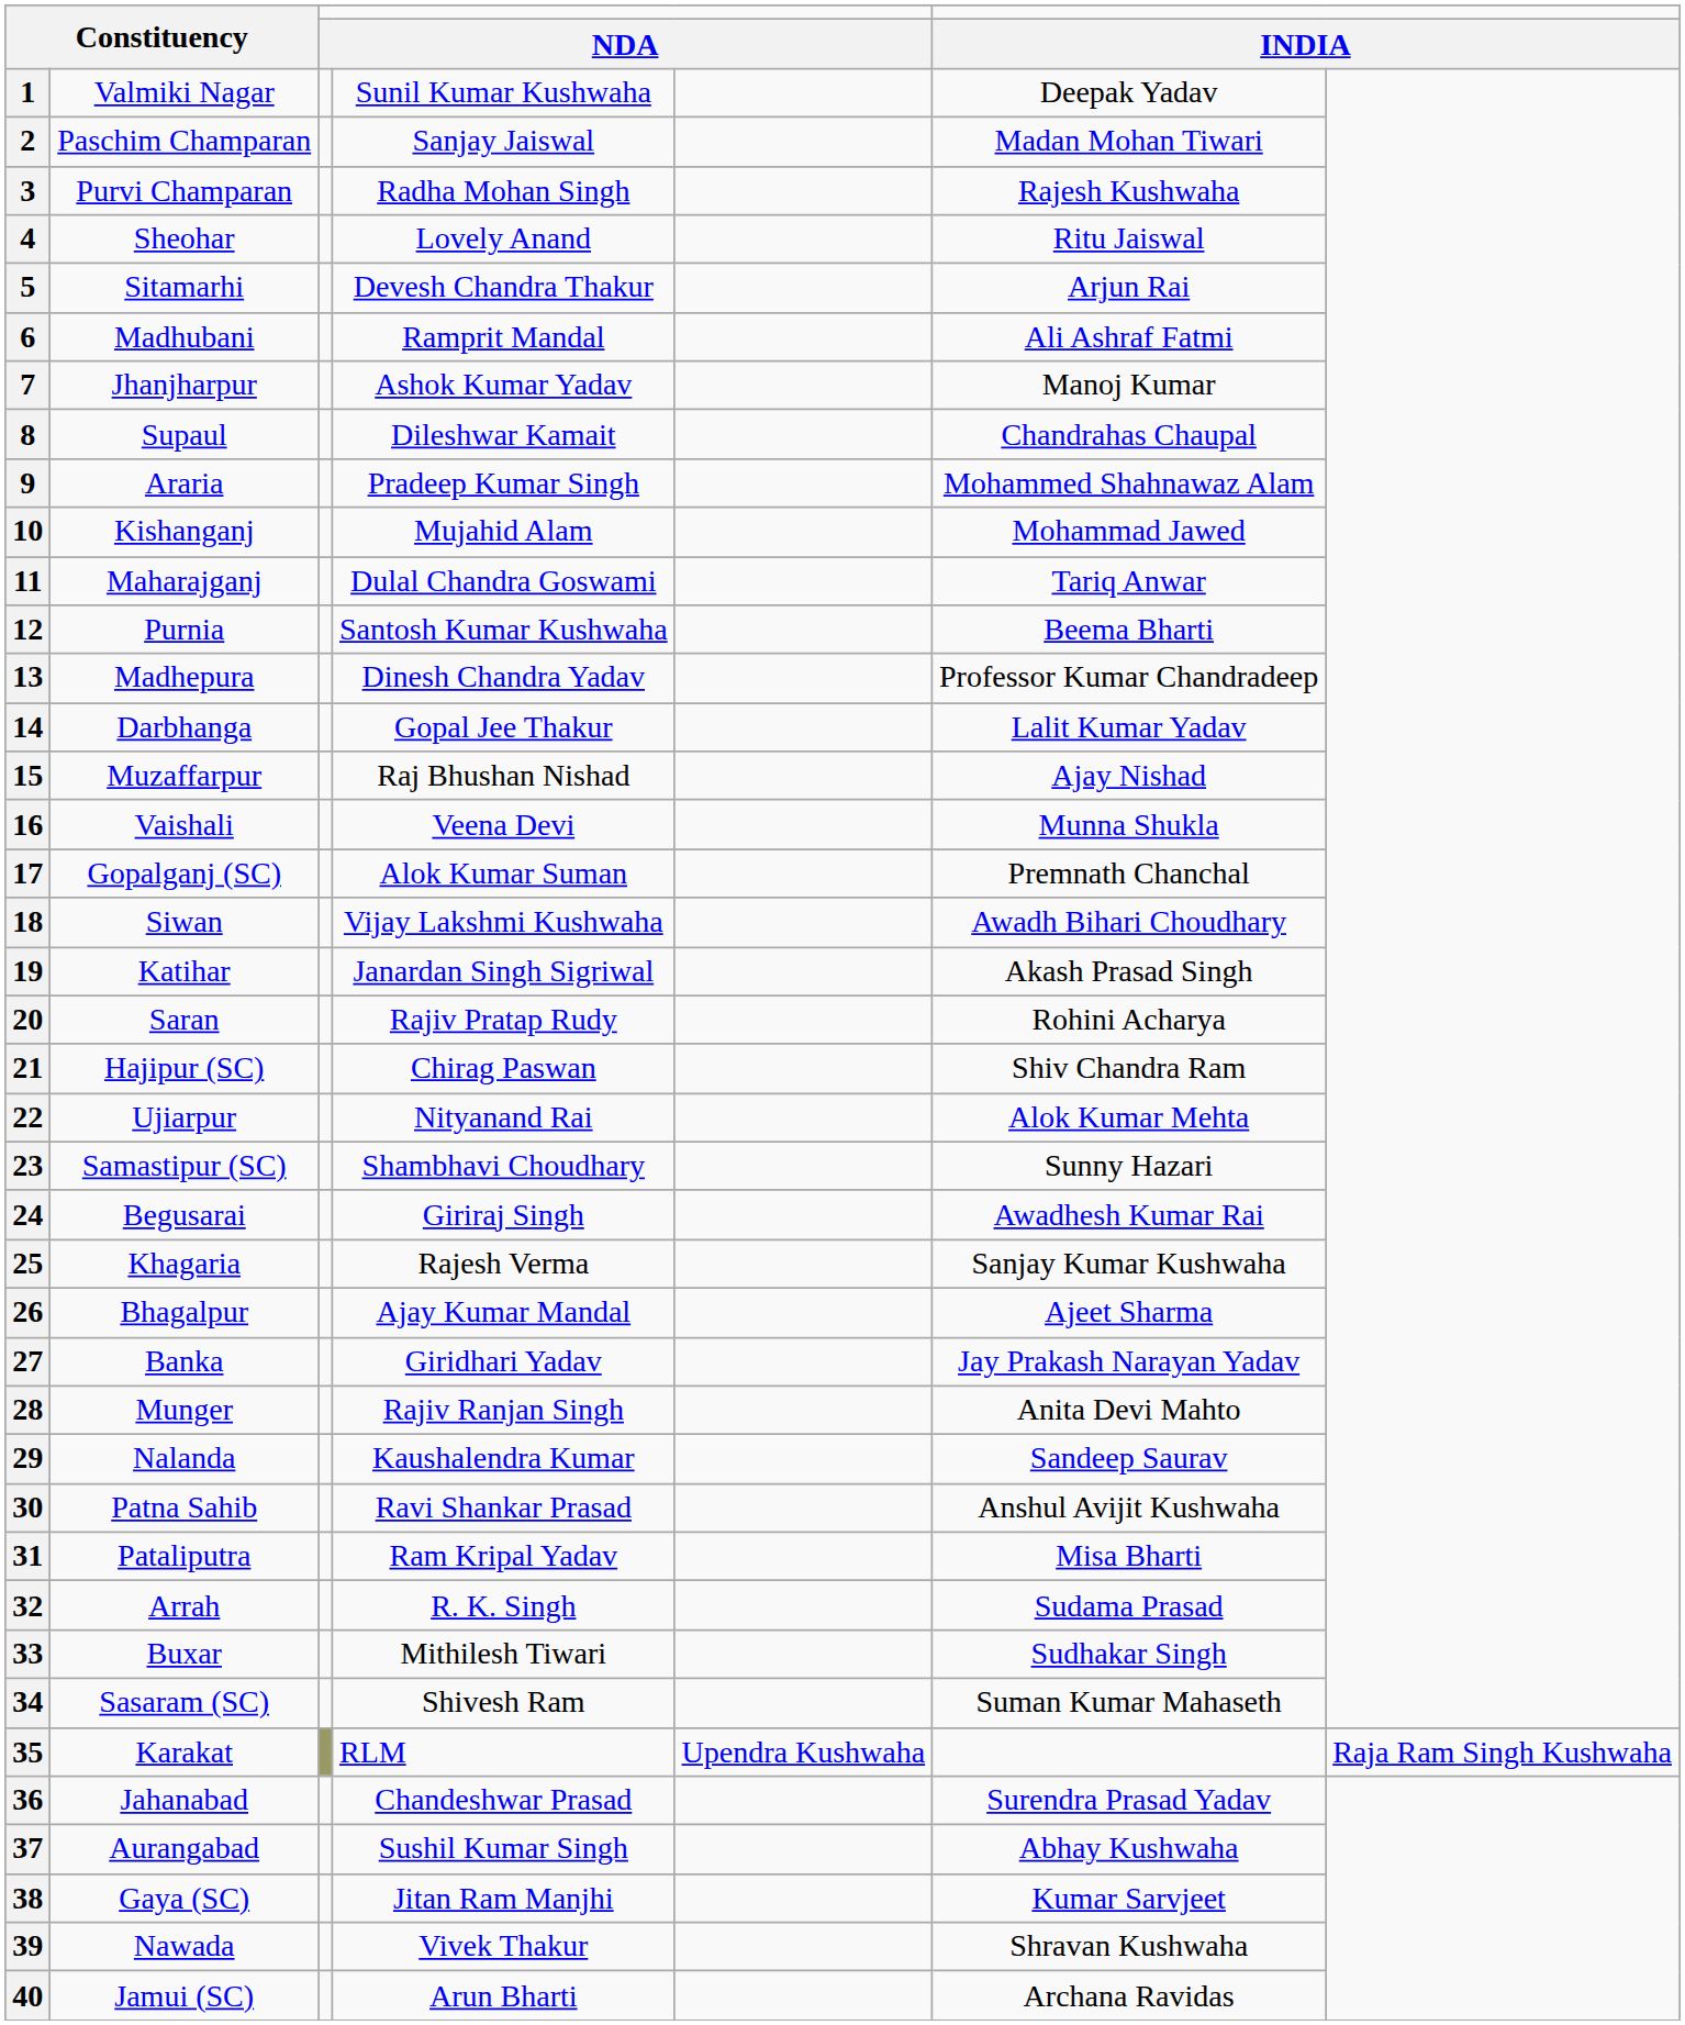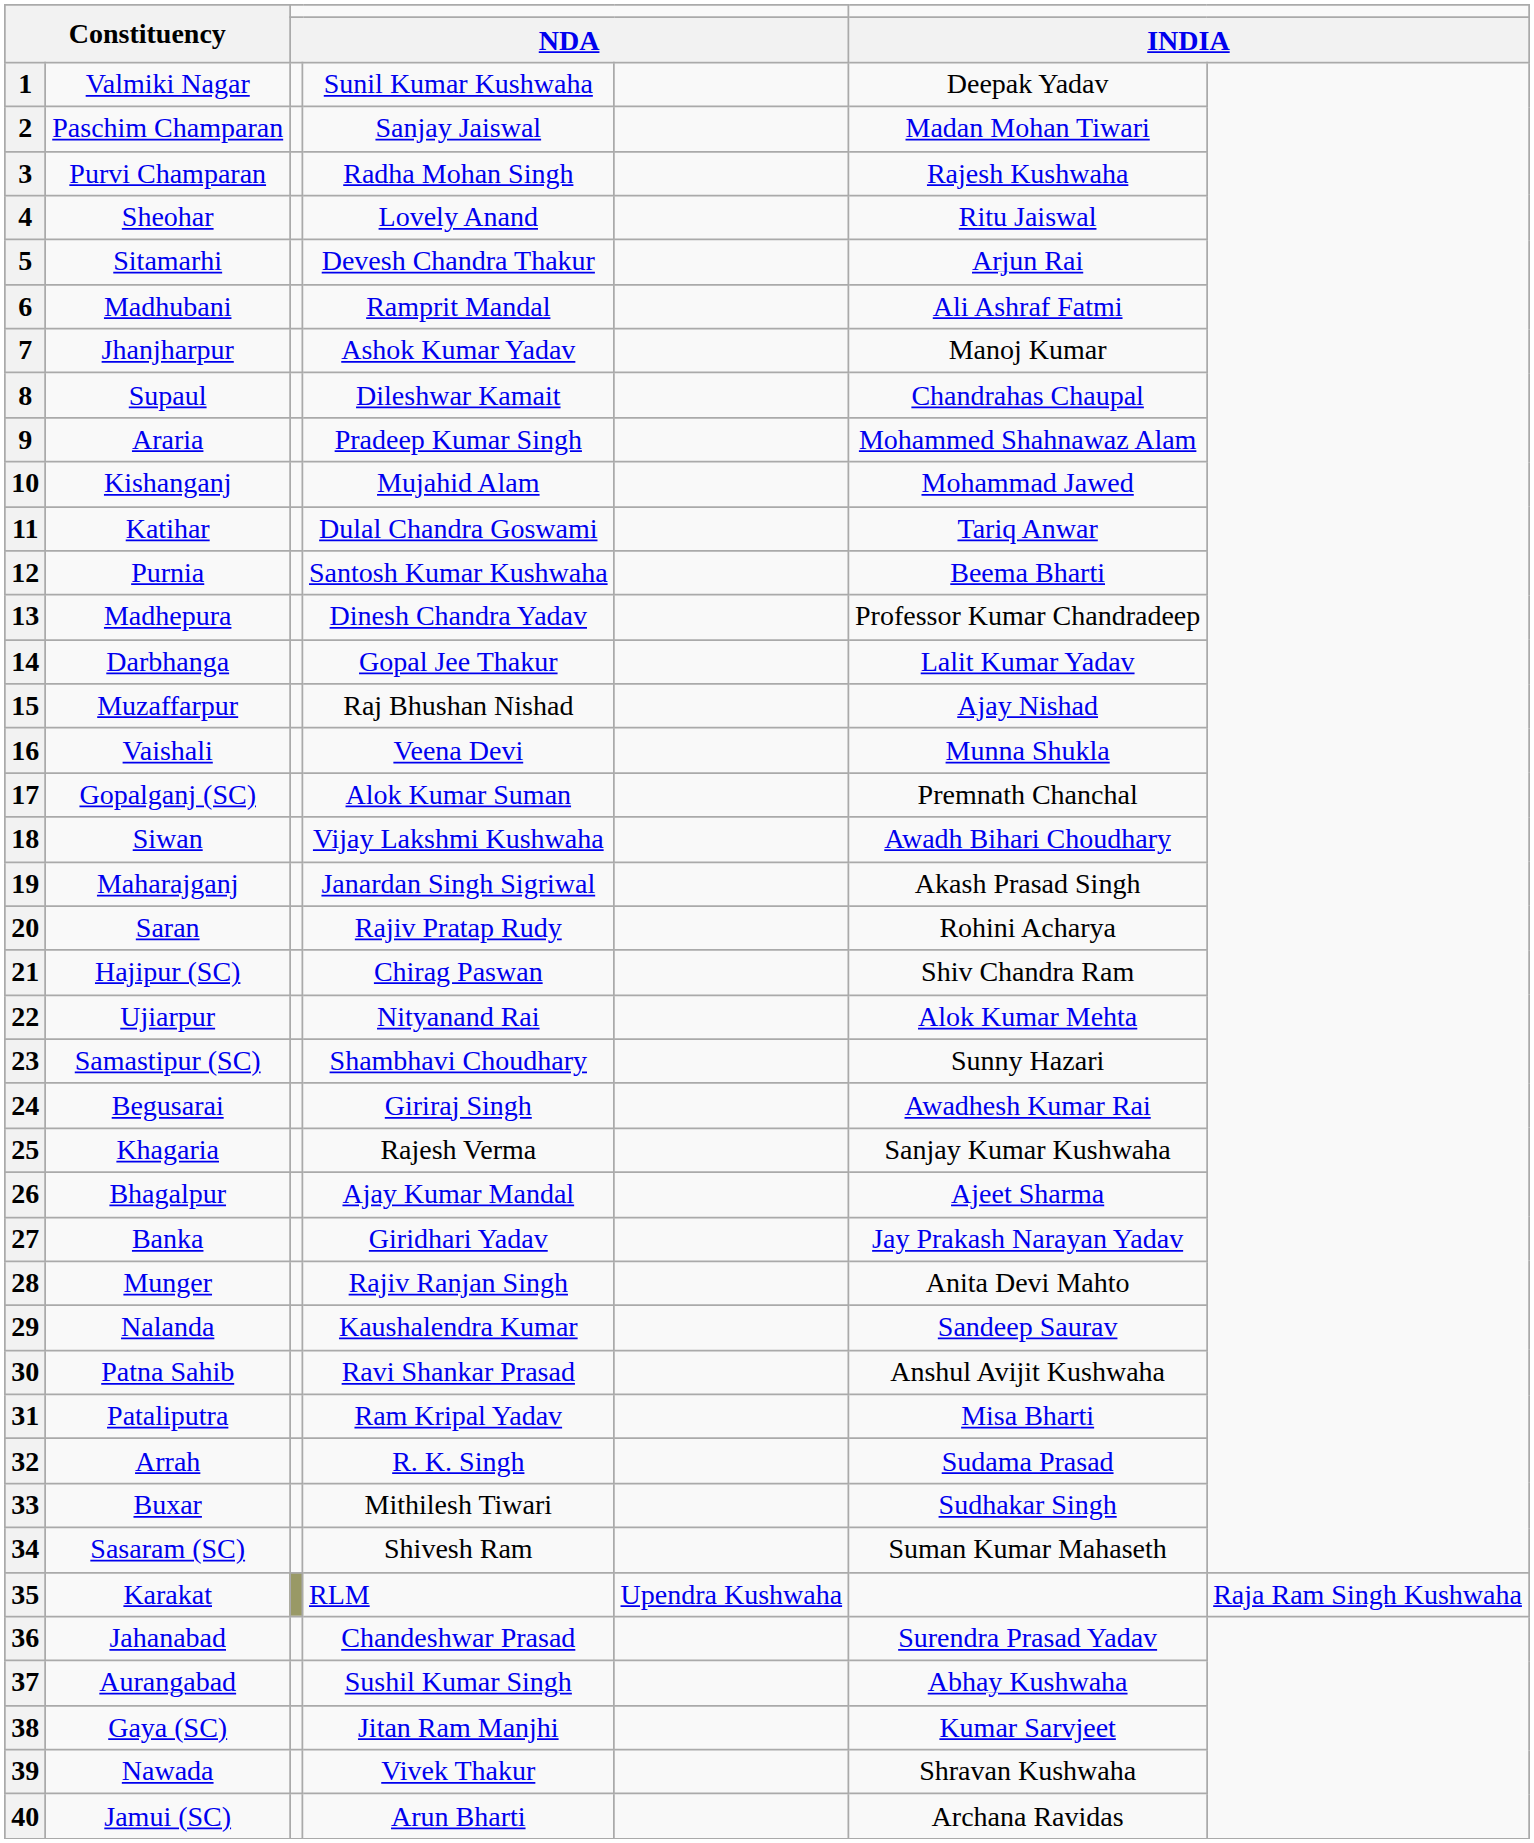 <table class="wikitable sortable" style="text-align:center;">
 <tr>
 <th colspan="2" rowspan="2">Constituency</th>
 <td colspan="3"></td>
 <td colspan="3"></td>
 </tr>
 <tr>
 <th colspan="3"><a href='#'>NDA</a></th>
 <th colspan="3"><a href='#'>INDIA</a></th>
 </tr>
 <tr>
 <th>1</th>
 <td><a href='#'>Valmiki Nagar</a></td>
 <td></td>
 <td><a href='#'>Sunil Kumar Kushwaha</a></td>
 <td></td>
 <td>Deepak Yadav</td>
 </tr>
 <tr>
 <th>2</th>
 <td><a href='#'>Paschim Champaran</a></td>
 <td></td>
 <td><a href='#'>Sanjay Jaiswal</a></td>
 <td></td>
 <td><a href='#'>Madan Mohan Tiwari</a></td>
 </tr>
 <tr>
 <th>3</th>
 <td><a href='#'>Purvi Champaran</a></td>
 <td></td>
 <td><a href='#'>Radha Mohan Singh</a></td>
 <td></td>
 <td><a href='#'>Rajesh Kushwaha</a></td>
 </tr>
 <tr>
 <th>4</th>
 <td><a href='#'>Sheohar</a></td>
 <td></td>
 <td><a href='#'>Lovely Anand</a></td>
 <td></td>
 <td><a href='#'>Ritu Jaiswal</a></td>
 </tr>
 <tr>
 <th>5</th>
 <td><a href='#'>Sitamarhi</a></td>
 <td></td>
 <td><a href='#'>Devesh Chandra Thakur</a></td>
 <td></td>
 <td><a href='#'>Arjun Rai</a></td>
 </tr>
 <tr>
 <th>6</th>
 <td><a href='#'>Madhubani</a></td>
 <td></td>
 <td><a href='#'>Ramprit Mandal</a></td>
 <td></td>
 <td><a href='#'>Ali Ashraf Fatmi</a></td>
 </tr>
 <tr>
 <th>7</th>
 <td><a href='#'>Jhanjharpur</a></td>
 <td></td>
 <td><a href='#'>Ashok Kumar Yadav</a></td>
 <td></td>
 <td>Manoj Kumar</td>
 </tr>
 <tr>
 <th>8</th>
 <td><a href='#'>Supaul</a></td>
 <td></td>
 <td><a href='#'>Dileshwar Kamait</a></td>
 <td></td>
 <td><a href='#'>Chandrahas Chaupal</a></td>
 </tr>
 <tr>
 <th>9</th>
 <td><a href='#'>Araria</a></td>
 <td></td>
 <td><a href='#'>Pradeep Kumar Singh</a></td>
 <td></td>
 <td><a href='#'>Mohammed Shahnawaz Alam</a></td>
 </tr>
 <tr>
 <th>10</th>
 <td><a href='#'>Kishanganj</a></td>
 <td></td>
 <td><a href='#'>Mujahid Alam</a></td>
 <td></td>
 <td><a href='#'>Mohammad Jawed</a></td>
 </tr>
 <tr>
 <th>11</th>
-<td><a href='#'>Maharajganj</a></td>
+<td><a href='#'>Katihar</a></td>
 <td></td>
 <td><a href='#'>Dulal Chandra Goswami</a></td>
 <td></td>
 <td><a href='#'>Tariq Anwar</a></td>
 </tr>
 <tr>
 <th>12</th>
 <td><a href='#'>Purnia</a></td>
 <td></td>
 <td><a href='#'>Santosh Kumar Kushwaha</a></td>
 <td></td>
 <td><a href='#'>Beema Bharti</a></td>
 </tr>
 <tr>
 <th>13</th>
 <td><a href='#'>Madhepura</a></td>
 <td></td>
 <td><a href='#'>Dinesh Chandra Yadav</a></td>
 <td></td>
 <td>Professor Kumar Chandradeep</td>
 </tr>
 <tr>
 <th>14</th>
 <td><a href='#'>Darbhanga</a></td>
 <td></td>
 <td><a href='#'>Gopal Jee Thakur</a></td>
 <td></td>
 <td><a href='#'>Lalit Kumar Yadav</a></td>
 </tr>
 <tr>
 <th>15</th>
 <td><a href='#'>Muzaffarpur</a></td>
 <td></td>
 <td>Raj Bhushan Nishad</td>
 <td></td>
 <td><a href='#'>Ajay Nishad</a></td>
 </tr>
 <tr>
 <th>16</th>
 <td><a href='#'>Vaishali</a></td>
 <td></td>
 <td><a href='#'>Veena Devi</a></td>
 <td></td>
 <td><a href='#'>Munna Shukla</a></td>
 </tr>
 <tr>
 <th>17</th>
 <td><a href='#'>Gopalganj (SC)</a></td>
 <td></td>
 <td><a href='#'>Alok Kumar Suman</a></td>
 <td></td>
 <td>Premnath Chanchal</td>
 </tr>
 <tr>
 <th>18</th>
 <td><a href='#'>Siwan</a></td>
 <td></td>
 <td><a href='#'>Vijay Lakshmi Kushwaha</a></td>
 <td></td>
 <td><a href='#'>Awadh Bihari Choudhary</a></td>
 </tr>
 <tr>
 <th>19</th>
-<td><a href='#'>Katihar</a></td>
+<td><a href='#'>Maharajganj</a></td>
 <td></td>
 <td><a href='#'>Janardan Singh Sigriwal</a></td>
 <td></td>
 <td>Akash Prasad Singh</td>
 </tr>
 <tr>
 <th>20</th>
 <td><a href='#'>Saran</a></td>
 <td></td>
 <td><a href='#'>Rajiv Pratap Rudy</a></td>
 <td></td>
 <td>Rohini Acharya</td>
 </tr>
 <tr>
 <th>21</th>
 <td><a href='#'>Hajipur (SC)</a></td>
 <td></td>
 <td><a href='#'>Chirag Paswan</a></td>
 <td></td>
 <td>Shiv Chandra Ram</td>
 </tr>
 <tr>
 <th>22</th>
 <td><a href='#'>Ujiarpur</a></td>
 <td></td>
 <td><a href='#'>Nityanand Rai</a></td>
 <td></td>
 <td><a href='#'>Alok Kumar Mehta</a></td>
 </tr>
 <tr>
 <th>23</th>
 <td><a href='#'>Samastipur (SC)</a></td>
 <td></td>
 <td><a href='#'>Shambhavi Choudhary</a></td>
 <td></td>
 <td>Sunny Hazari</td>
 </tr>
 <tr>
 <th>24</th>
 <td><a href='#'>Begusarai</a></td>
 <td></td>
 <td><a href='#'>Giriraj Singh</a></td>
 <td></td>
 <td><a href='#'>Awadhesh Kumar Rai</a></td>
 </tr>
 <tr>
 <th>25</th>
 <td><a href='#'>Khagaria</a></td>
 <td></td>
 <td>Rajesh Verma</td>
 <td></td>
 <td>Sanjay Kumar Kushwaha</td>
 </tr>
 <tr>
 <th>26</th>
 <td><a href='#'>Bhagalpur</a></td>
 <td></td>
 <td><a href='#'>Ajay Kumar Mandal</a></td>
 <td></td>
 <td><a href='#'>Ajeet Sharma</a></td>
 </tr>
 <tr>
 <th>27</th>
 <td><a href='#'>Banka</a></td>
 <td></td>
 <td><a href='#'>Giridhari Yadav</a></td>
 <td></td>
 <td><a href='#'>Jay Prakash Narayan Yadav</a></td>
 </tr>
 <tr>
 <th>28</th>
 <td><a href='#'>Munger</a></td>
 <td></td>
 <td><a href='#'>Rajiv Ranjan Singh</a></td>
 <td></td>
 <td>Anita Devi Mahto</td>
 </tr>
 <tr>
 <th>29</th>
 <td><a href='#'>Nalanda</a></td>
 <td></td>
 <td><a href='#'>Kaushalendra Kumar</a></td>
 <td></td>
 <td><a href='#'>Sandeep Saurav</a></td>
 </tr>
 <tr>
 <th>30</th>
 <td><a href='#'>Patna Sahib</a></td>
 <td></td>
 <td><a href='#'>Ravi Shankar Prasad</a></td>
 <td></td>
 <td>Anshul Avijit Kushwaha</td>
 </tr>
 <tr>
 <th>31</th>
 <td><a href='#'>Pataliputra</a></td>
 <td></td>
 <td><a href='#'>Ram Kripal Yadav</a></td>
 <td></td>
 <td><a href='#'>Misa Bharti</a></td>
 </tr>
 <tr>
 <th>32</th>
 <td><a href='#'>Arrah</a></td>
 <td></td>
 <td><a href='#'>R. K. Singh</a></td>
 <td></td>
 <td><a href='#'>Sudama Prasad</a></td>
 </tr>
 <tr>
 <th>33</th>
 <td><a href='#'>Buxar</a></td>
 <td></td>
 <td>Mithilesh Tiwari</td>
 <td></td>
 <td><a href='#'>Sudhakar Singh</a></td>
 </tr>
 <tr>
 <th>34</th>
 <td><a href='#'>Sasaram (SC)</a></td>
 <td></td>
 <td>Shivesh Ram</td>
 <td></td>
 <td>Suman Kumar Mahaseth</td>
 </tr>
 <tr>
 <th>35</th>
 <td><a href='#'>Karakat</a></td>
 <td bgcolor=#999966></td>
 <td style="text-align:left;"><a href='#'>RLM</a></td>
 <td><a href='#'>Upendra Kushwaha</a></td>
 <td></td>
 <td><a href='#'>Raja Ram Singh Kushwaha</a></td>
 </tr>
 <tr>
 <th>36</th>
 <td><a href='#'>Jahanabad</a></td>
 <td></td>
 <td><a href='#'>Chandeshwar Prasad</a></td>
 <td></td>
 <td><a href='#'>Surendra Prasad Yadav</a></td>
 </tr>
 <tr>
 <th>37</th>
 <td><a href='#'>Aurangabad</a></td>
 <td></td>
 <td><a href='#'>Sushil Kumar Singh</a></td>
 <td></td>
 <td><a href='#'>Abhay Kushwaha</a></td>
 </tr>
 <tr>
 <th>38</th>
 <td><a href='#'>Gaya (SC)</a></td>
 <td></td>
 <td><a href='#'>Jitan Ram Manjhi</a></td>
 <td></td>
 <td><a href='#'>Kumar Sarvjeet</a></td>
 </tr>
 <tr>
 <th>39</th>
 <td><a href='#'>Nawada</a></td>
 <td></td>
 <td><a href='#'>Vivek Thakur</a></td>
 <td></td>
 <td>Shravan Kushwaha</td>
 </tr>
 <tr>
 <th>40</th>
 <td><a href='#'>Jamui (SC)</a></td>
 <td></td>
 <td><a href='#'>Arun Bharti</a></td>
 <td></td>
 <td>Archana Ravidas</td>
 </tr>
 <tr>
 </tr>
 </table>
